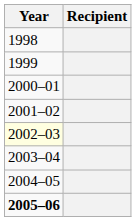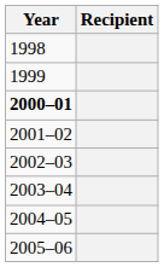 <table class="wikitable sortable plainrowheaders">
 <tr>
 <th scope="col">Year</th>
 <th scope="col">Recipient</th>
 </tr>
 <tr>
 <td>1998</td>
 <th scope="row"></th>
 </tr>
 <tr>
 <td>1999</td>
 <th scope="row"></th>
 </tr>
 <tr>
-<td>2000–01</td>
+<td><strong>2000–01</strong></td>
 <th scope="row"></th>
 </tr>
 <tr>
 <td>2001–02</td>
 <th scope="row"></th>
 </tr>
 <tr>
-<td style="background: lightyellow;">2002–03</td>
+<td>2002–03</td>
 <th scope="row"></th>
 </tr>
 <tr>
 <td>2003–04</td>
 <th scope="row"></th>
 </tr>
 <tr>
 <td>2004–05</td>
 <th scope="row"></th>
 </tr>
 <tr>
-<td><strong>2005–06</strong></td>
+<td>2005–06</td>
 <th scope="row"></th>
 </tr>
 </table>
